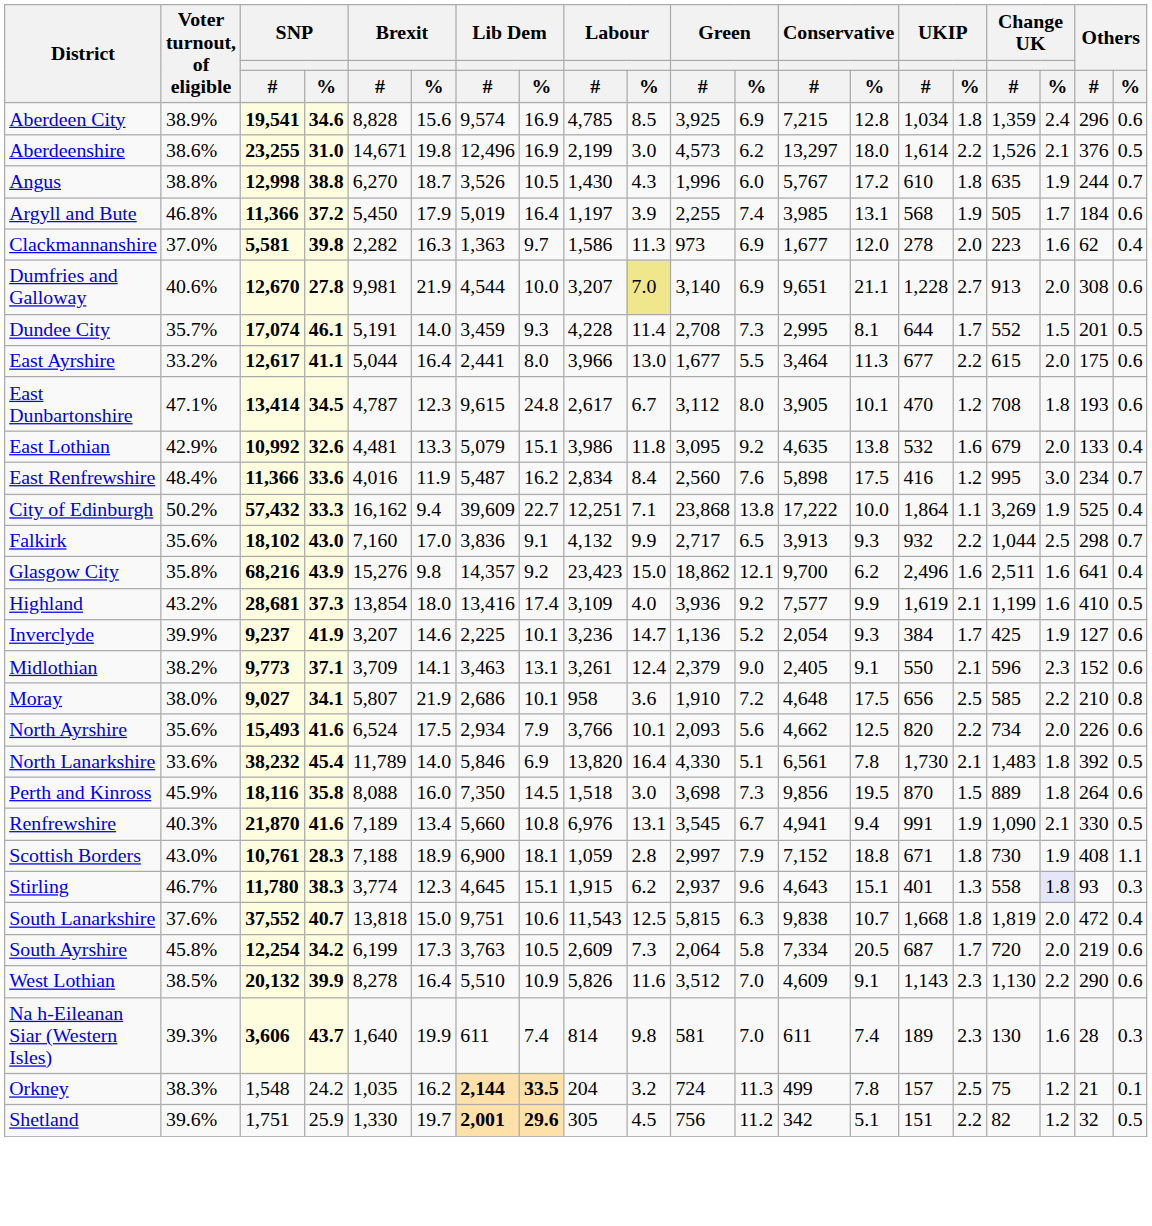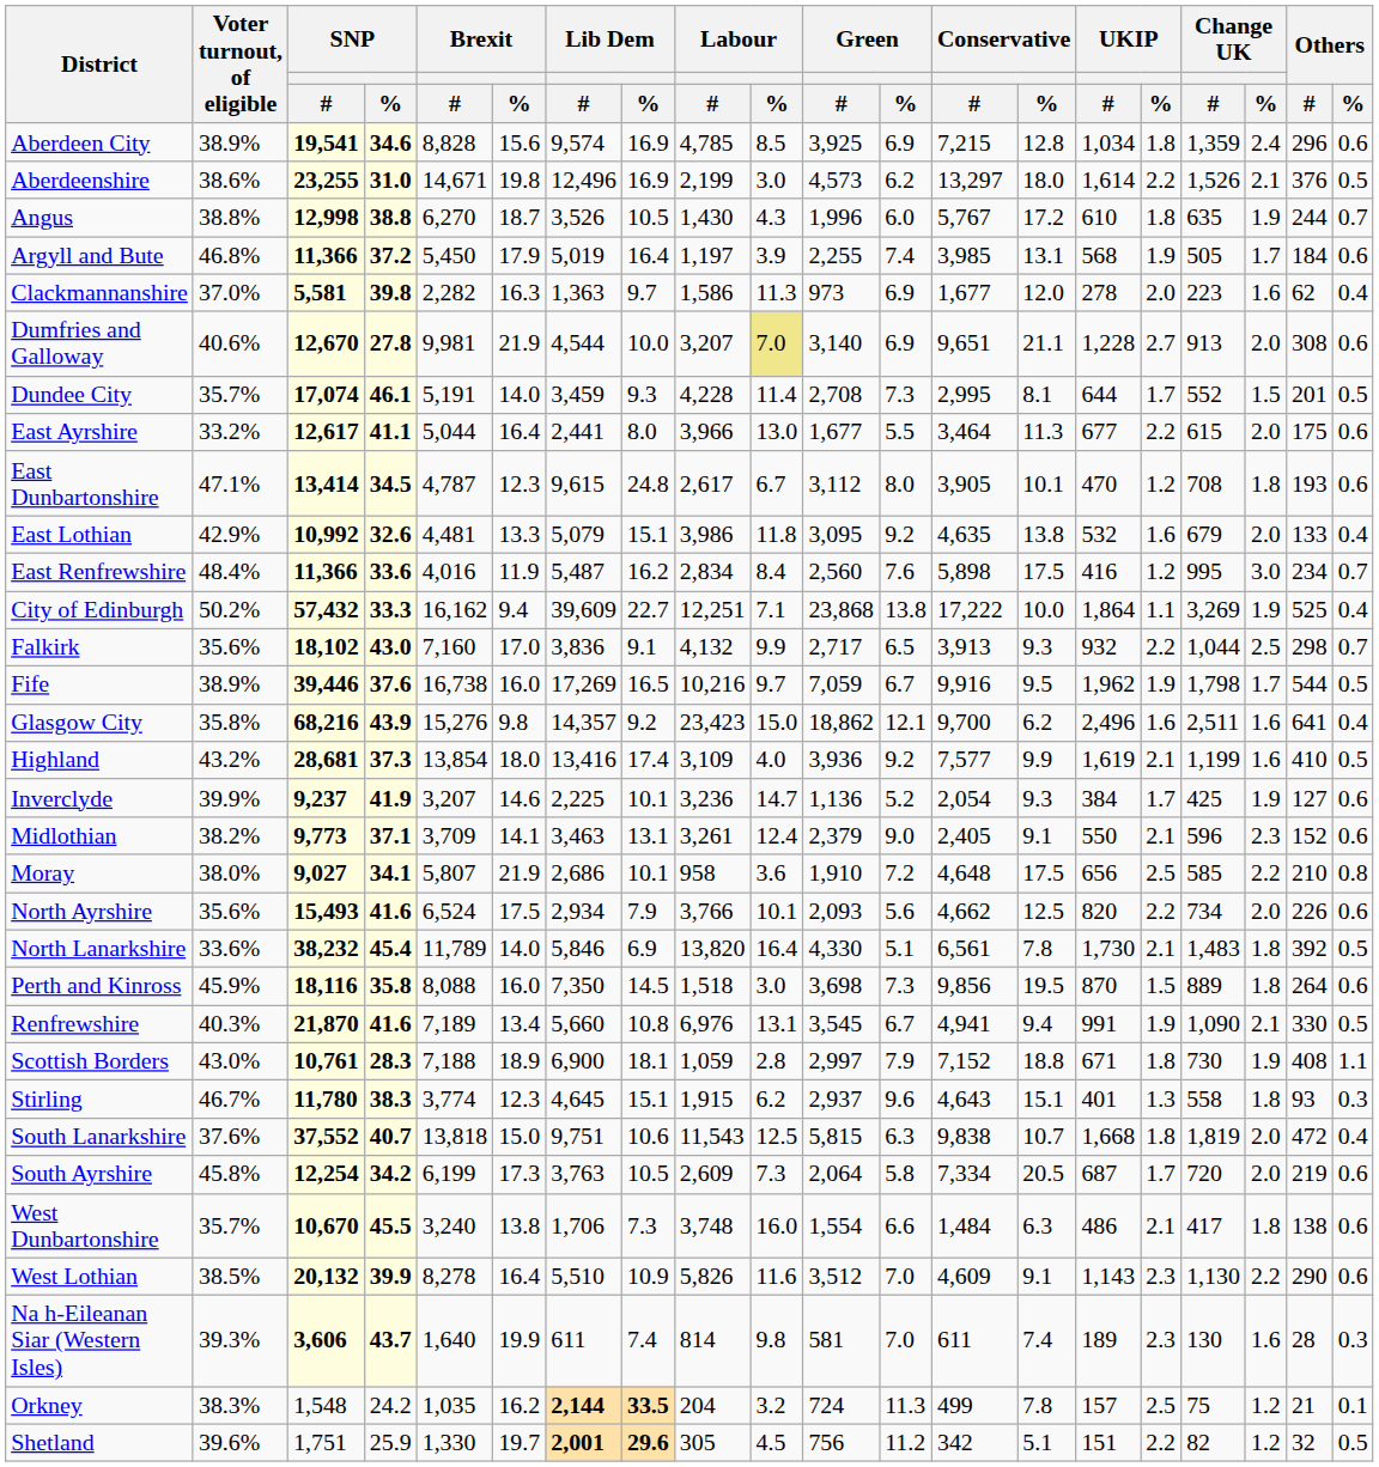 <table class="wikitable sortable">
 <tr>
 <th rowspan=3>District</th>
 <th rowspan=3>Voter turnout,<br>of eligible</th>
 <th colspan="2">SNP</th>
 <th colspan="2">Brexit</th>
 <th colspan="2">Lib Dem</th>
 <th colspan="2">Labour</th>
 <th colspan="2">Green</th>
 <th colspan="2">Conservative</th>
 <th colspan="2">UKIP</th>
 <th colspan="2">Change UK</th>
 <th colspan="2" rowspan="2">Others</th>
 </tr>
 <tr>
 <th colspan="2" style="background:"></th>
 <th colspan="2" style="background:"></th>
 <th colspan="2" style="background:"></th>
 <th colspan="2" style="background:"></th>
 <th colspan="2" style="background:"></th>
 <th colspan="2" style="background:"></th>
 <th colspan="2" style="background:"></th>
 <th colspan="2" style="background:"></th>
 </tr>
 <tr>
 <th>#</th>
 <th>%</th>
 <th>#</th>
 <th>%</th>
 <th>#</th>
 <th>%</th>
 <th>#</th>
 <th>%</th>
 <th>#</th>
 <th>%</th>
 <th>#</th>
 <th>%</th>
 <th>#</th>
 <th>%</th>
 <th>#</th>
 <th>%</th>
 <th>#</th>
 <th>%</th>
 </tr>
 <tr>
 <td><a href='#'>Aberdeen City</a></td>
 <td>38.9%</td>
 <td style="background:#FEFDDE;"><strong>19,541</strong></td>
 <td style="background:#FEFDDE;"><strong>34.6</strong></td>
 <td>8,828</td>
 <td>15.6</td>
 <td>9,574</td>
 <td>16.9</td>
 <td>4,785</td>
 <td>8.5</td>
 <td>3,925</td>
 <td>6.9</td>
 <td>7,215</td>
 <td>12.8</td>
 <td>1,034</td>
 <td>1.8</td>
 <td>1,359</td>
 <td>2.4</td>
 <td>296</td>
 <td>0.6</td>
 </tr>
 <tr>
 <td><a href='#'>Aberdeenshire</a></td>
 <td>38.6%</td>
 <td style="background:#FEFDDE;"><strong>23,255</strong></td>
 <td style="background:#FEFDDE;"><strong>31.0</strong></td>
 <td>14,671</td>
 <td>19.8</td>
 <td>12,496</td>
 <td>16.9</td>
 <td>2,199</td>
 <td>3.0</td>
 <td>4,573</td>
 <td>6.2</td>
 <td>13,297</td>
 <td>18.0</td>
 <td>1,614</td>
 <td>2.2</td>
 <td>1,526</td>
 <td>2.1</td>
 <td>376</td>
 <td>0.5</td>
 </tr>
 <tr>
 <td><a href='#'>Angus</a></td>
 <td>38.8%</td>
 <td style="background:#FEFDDE;"><strong>12,998</strong></td>
 <td style="background:#FEFDDE;"><strong>38.8</strong></td>
 <td>6,270</td>
 <td>18.7</td>
 <td>3,526</td>
 <td>10.5</td>
 <td>1,430</td>
 <td>4.3</td>
 <td>1,996</td>
 <td>6.0</td>
 <td>5,767</td>
 <td>17.2</td>
 <td>610</td>
 <td>1.8</td>
 <td>635</td>
 <td>1.9</td>
 <td>244</td>
 <td>0.7</td>
 </tr>
 <tr>
 <td><a href='#'>Argyll and Bute</a></td>
 <td>46.8%</td>
 <td style="background:#FEFDDE;"><strong>11,366</strong></td>
 <td style="background:#FEFDDE;"><strong>37.2</strong></td>
 <td>5,450</td>
 <td>17.9</td>
 <td>5,019</td>
 <td>16.4</td>
 <td>1,197</td>
 <td>3.9</td>
 <td>2,255</td>
 <td>7.4</td>
 <td>3,985</td>
 <td>13.1</td>
 <td>568</td>
 <td>1.9</td>
 <td>505</td>
 <td>1.7</td>
 <td>184</td>
 <td>0.6</td>
 </tr>
 <tr>
 <td><a href='#'>Clackmannanshire</a></td>
 <td>37.0%</td>
 <td style="background:#FEFDDE;"><strong>5,581</strong></td>
 <td style="background:#FEFDDE;"><strong>39.8</strong></td>
 <td>2,282</td>
 <td>16.3</td>
 <td>1,363</td>
 <td>9.7</td>
 <td>1,586</td>
 <td>11.3</td>
 <td>973</td>
 <td>6.9</td>
 <td>1,677</td>
 <td>12.0</td>
 <td>278</td>
 <td>2.0</td>
 <td>223</td>
 <td>1.6</td>
 <td>62</td>
 <td>0.4</td>
 </tr>
 <tr>
 <td><a href='#'>Dumfries and Galloway</a></td>
 <td>40.6%</td>
 <td style="background:#FEFDDE;"><strong>12,670</strong></td>
 <td style="background:#FEFDDE;"><strong>27.8</strong></td>
 <td>9,981</td>
 <td>21.9</td>
 <td>4,544</td>
 <td>10.0</td>
 <td>3,207</td>
 <td style="background: khaki;">7.0</td>
 <td>3,140</td>
 <td>6.9</td>
 <td>9,651</td>
 <td>21.1</td>
 <td>1,228</td>
 <td>2.7</td>
 <td>913</td>
 <td>2.0</td>
 <td>308</td>
 <td>0.6</td>
 </tr>
 <tr>
 <td><a href='#'>Dundee City</a></td>
 <td>35.7%</td>
 <td style="background:#FEFDDE;"><strong>17,074</strong></td>
 <td style="background:#FEFDDE;"><strong>46.1</strong></td>
 <td>5,191</td>
 <td>14.0</td>
 <td>3,459</td>
 <td>9.3</td>
 <td>4,228</td>
 <td>11.4</td>
 <td>2,708</td>
 <td>7.3</td>
 <td>2,995</td>
 <td>8.1</td>
 <td>644</td>
 <td>1.7</td>
 <td>552</td>
 <td>1.5</td>
 <td>201</td>
 <td>0.5</td>
 </tr>
 <tr>
 <td><a href='#'>East Ayrshire</a></td>
 <td>33.2%</td>
 <td style="background:#FEFDDE;"><strong>12,617</strong></td>
 <td style="background:#FEFDDE;"><strong>41.1</strong></td>
 <td>5,044</td>
 <td>16.4</td>
 <td>2,441</td>
 <td>8.0</td>
 <td>3,966</td>
 <td>13.0</td>
 <td>1,677</td>
 <td>5.5</td>
 <td>3,464</td>
 <td>11.3</td>
 <td>677</td>
 <td>2.2</td>
 <td>615</td>
 <td>2.0</td>
 <td>175</td>
 <td>0.6</td>
 </tr>
 <tr>
 <td><a href='#'>East Dunbartonshire</a></td>
 <td>47.1%</td>
 <td style="background:#FEFDDE;"><strong>13,414</strong></td>
 <td style="background:#FEFDDE;"><strong>34.5</strong></td>
 <td>4,787</td>
 <td>12.3</td>
 <td>9,615</td>
 <td>24.8</td>
 <td>2,617</td>
 <td>6.7</td>
 <td>3,112</td>
 <td>8.0</td>
 <td>3,905</td>
 <td>10.1</td>
 <td>470</td>
 <td>1.2</td>
 <td>708</td>
 <td>1.8</td>
 <td>193</td>
 <td>0.6</td>
 </tr>
 <tr>
 <td><a href='#'>East Lothian</a></td>
 <td>42.9%</td>
 <td style="background:#FEFDDE;"><strong>10,992</strong></td>
 <td style="background:#FEFDDE;"><strong>32.6</strong></td>
 <td>4,481</td>
 <td>13.3</td>
 <td>5,079</td>
 <td>15.1</td>
 <td>3,986</td>
 <td>11.8</td>
 <td>3,095</td>
 <td>9.2</td>
 <td>4,635</td>
 <td>13.8</td>
 <td>532</td>
 <td>1.6</td>
 <td>679</td>
 <td>2.0</td>
 <td>133</td>
 <td>0.4</td>
 </tr>
 <tr>
 <td><a href='#'>East Renfrewshire</a></td>
 <td>48.4%</td>
 <td style="background:#FEFDDE;"><strong>11,366</strong></td>
 <td style="background:#FEFDDE;"><strong>33.6</strong></td>
 <td>4,016</td>
 <td>11.9</td>
 <td>5,487</td>
 <td>16.2</td>
 <td>2,834</td>
 <td>8.4</td>
 <td>2,560</td>
 <td>7.6</td>
 <td>5,898</td>
 <td>17.5</td>
 <td>416</td>
 <td>1.2</td>
 <td>995</td>
 <td>3.0</td>
 <td>234</td>
 <td>0.7</td>
 </tr>
 <tr>
 <td><a href='#'>City of Edinburgh</a></td>
 <td>50.2%</td>
 <td style="background:#FEFDDE;"><strong>57,432</strong></td>
 <td style="background:#FEFDDE;"><strong>33.3</strong></td>
 <td>16,162</td>
 <td>9.4</td>
 <td>39,609</td>
 <td>22.7</td>
 <td>12,251</td>
 <td>7.1</td>
 <td>23,868</td>
 <td>13.8</td>
 <td>17,222</td>
 <td>10.0</td>
 <td>1,864</td>
 <td>1.1</td>
 <td>3,269</td>
 <td>1.9</td>
 <td>525</td>
 <td>0.4</td>
 </tr>
 <tr>
 <td><a href='#'>Falkirk</a></td>
 <td>35.6%</td>
 <td style="background:#FEFDDE;"><strong>18,102</strong></td>
 <td style="background:#FEFDDE;"><strong>43.0</strong></td>
 <td>7,160</td>
 <td>17.0</td>
 <td>3,836</td>
 <td>9.1</td>
 <td>4,132</td>
 <td>9.9</td>
 <td>2,717</td>
 <td>6.5</td>
 <td>3,913</td>
 <td>9.3</td>
 <td>932</td>
 <td>2.2</td>
 <td>1,044</td>
 <td>2.5</td>
 <td>298</td>
 <td>0.7</td>
 </tr>
 <tr>
+<td><a href='#'>Fife</a></td>
+<td>38.9%</td>
+<td style="background:#FEFDDE;"><strong>39,446</strong></td>
+<td style="background:#FEFDDE;"><strong>37.6</strong></td>
+<td>16,738</td>
+<td>16.0</td>
+<td>17,269</td>
+<td>16.5</td>
+<td>10,216</td>
+<td>9.7</td>
+<td>7,059</td>
+<td>6.7</td>
+<td>9,916</td>
+<td>9.5</td>
+<td>1,962</td>
+<td>1.9</td>
+<td>1,798</td>
+<td>1.7</td>
+<td>544</td>
+<td>0.5</td>
+</tr>
+<tr>
 <td><a href='#'>Glasgow City</a></td>
 <td>35.8%</td>
 <td style="background:#FEFDDE;"><strong>68,216</strong></td>
 <td style="background:#FEFDDE;"><strong>43.9</strong></td>
 <td>15,276</td>
 <td>9.8</td>
 <td>14,357</td>
 <td>9.2</td>
 <td>23,423</td>
 <td>15.0</td>
 <td>18,862</td>
 <td>12.1</td>
 <td>9,700</td>
 <td>6.2</td>
 <td>2,496</td>
 <td>1.6</td>
 <td>2,511</td>
 <td>1.6</td>
 <td>641</td>
 <td>0.4</td>
 </tr>
 <tr>
 <td><a href='#'>Highland</a></td>
 <td>43.2%</td>
 <td style="background:#FEFDDE;"><strong>28,681</strong></td>
 <td style="background:#FEFDDE;"><strong>37.3</strong></td>
 <td>13,854</td>
 <td>18.0</td>
 <td>13,416</td>
 <td>17.4</td>
 <td>3,109</td>
 <td>4.0</td>
 <td>3,936</td>
 <td>9.2</td>
 <td>7,577</td>
 <td>9.9</td>
 <td>1,619</td>
 <td>2.1</td>
 <td>1,199</td>
 <td>1.6</td>
 <td>410</td>
 <td>0.5</td>
 </tr>
 <tr>
 <td><a href='#'>Inverclyde</a></td>
 <td>39.9%</td>
 <td style="background:#FEFDDE;"><strong>9,237</strong></td>
 <td style="background:#FEFDDE;"><strong>41.9</strong></td>
 <td>3,207</td>
 <td>14.6</td>
 <td>2,225</td>
 <td>10.1</td>
 <td>3,236</td>
 <td>14.7</td>
 <td>1,136</td>
 <td>5.2</td>
 <td>2,054</td>
 <td>9.3</td>
 <td>384</td>
 <td>1.7</td>
 <td>425</td>
 <td>1.9</td>
 <td>127</td>
 <td>0.6</td>
 </tr>
 <tr>
 <td><a href='#'>Midlothian</a></td>
 <td>38.2%</td>
 <td style="background:#FEFDDE;"><strong>9,773</strong></td>
 <td style="background:#FEFDDE;"><strong>37.1</strong></td>
 <td>3,709</td>
 <td>14.1</td>
 <td>3,463</td>
 <td>13.1</td>
 <td>3,261</td>
 <td>12.4</td>
 <td>2,379</td>
 <td>9.0</td>
 <td>2,405</td>
 <td>9.1</td>
 <td>550</td>
 <td>2.1</td>
 <td>596</td>
 <td>2.3</td>
 <td>152</td>
 <td>0.6</td>
 </tr>
 <tr>
 <td><a href='#'>Moray</a></td>
 <td>38.0%</td>
 <td style="background:#FEFDDE;"><strong>9,027</strong></td>
 <td style="background:#FEFDDE;"><strong>34.1</strong></td>
 <td>5,807</td>
 <td>21.9</td>
 <td>2,686</td>
 <td>10.1</td>
 <td>958</td>
 <td>3.6</td>
 <td>1,910</td>
 <td>7.2</td>
 <td>4,648</td>
 <td>17.5</td>
 <td>656</td>
 <td>2.5</td>
 <td>585</td>
 <td>2.2</td>
 <td>210</td>
 <td>0.8</td>
 </tr>
 <tr>
 <td><a href='#'>North Ayrshire</a></td>
 <td>35.6%</td>
 <td style="background:#FEFDDE;"><strong>15,493</strong></td>
 <td style="background:#FEFDDE;"><strong>41.6</strong></td>
 <td>6,524</td>
 <td>17.5</td>
 <td>2,934</td>
 <td>7.9</td>
 <td>3,766</td>
 <td>10.1</td>
 <td>2,093</td>
 <td>5.6</td>
 <td>4,662</td>
 <td>12.5</td>
 <td>820</td>
 <td>2.2</td>
 <td>734</td>
 <td>2.0</td>
 <td>226</td>
 <td>0.6</td>
 </tr>
 <tr>
 <td><a href='#'>North Lanarkshire</a></td>
 <td>33.6%</td>
 <td style="background:#FEFDDE;"><strong>38,232</strong></td>
 <td style="background:#FEFDDE;"><strong>45.4</strong></td>
 <td>11,789</td>
 <td>14.0</td>
 <td>5,846</td>
 <td>6.9</td>
 <td>13,820</td>
 <td>16.4</td>
 <td>4,330</td>
 <td>5.1</td>
 <td>6,561</td>
 <td>7.8</td>
 <td>1,730</td>
 <td>2.1</td>
 <td>1,483</td>
 <td>1.8</td>
 <td>392</td>
 <td>0.5</td>
 </tr>
 <tr>
 <td><a href='#'>Perth and Kinross</a></td>
 <td>45.9%</td>
 <td style="background:#FEFDDE;"><strong>18,116</strong></td>
 <td style="background:#FEFDDE;"><strong>35.8</strong></td>
 <td>8,088</td>
 <td>16.0</td>
 <td>7,350</td>
 <td>14.5</td>
 <td>1,518</td>
 <td>3.0</td>
 <td>3,698</td>
 <td>7.3</td>
 <td>9,856</td>
 <td>19.5</td>
 <td>870</td>
 <td>1.5</td>
 <td>889</td>
 <td>1.8</td>
 <td>264</td>
 <td>0.6</td>
 </tr>
 <tr>
 <td><a href='#'>Renfrewshire</a></td>
 <td>40.3%</td>
 <td style="background:#FEFDDE;"><strong>21,870</strong></td>
 <td style="background:#FEFDDE;"><strong>41.6</strong></td>
 <td>7,189</td>
 <td>13.4</td>
 <td>5,660</td>
 <td>10.8</td>
 <td>6,976</td>
 <td>13.1</td>
 <td>3,545</td>
 <td>6.7</td>
 <td>4,941</td>
 <td>9.4</td>
 <td>991</td>
 <td>1.9</td>
 <td>1,090</td>
 <td>2.1</td>
 <td>330</td>
 <td>0.5</td>
 </tr>
 <tr>
 <td><a href='#'>Scottish Borders</a></td>
 <td>43.0%</td>
 <td style="background:#FEFDDE;"><strong>10,761</strong></td>
 <td style="background:#FEFDDE;"><strong>28.3</strong></td>
 <td>7,188</td>
 <td>18.9</td>
 <td>6,900</td>
 <td>18.1</td>
 <td>1,059</td>
 <td>2.8</td>
 <td>2,997</td>
 <td>7.9</td>
 <td>7,152</td>
 <td>18.8</td>
 <td>671</td>
 <td>1.8</td>
 <td>730</td>
 <td>1.9</td>
 <td>408</td>
 <td>1.1</td>
 </tr>
 <tr>
 <td><a href='#'>Stirling</a></td>
 <td>46.7%</td>
 <td style="background:#FEFDDE;"><strong>11,780</strong></td>
 <td style="background:#FEFDDE;"><strong>38.3</strong></td>
 <td>3,774</td>
 <td>12.3</td>
 <td>4,645</td>
 <td>15.1</td>
 <td>1,915</td>
 <td>6.2</td>
 <td>2,937</td>
 <td>9.6</td>
 <td>4,643</td>
 <td>15.1</td>
 <td>401</td>
 <td>1.3</td>
 <td>558</td>
-<td style="background: lavender;">1.8</td>
+<td>1.8</td>
 <td>93</td>
 <td>0.3</td>
 </tr>
 <tr>
 <td><a href='#'>South Lanarkshire</a></td>
 <td>37.6%</td>
 <td style="background:#FEFDDE;"><strong>37,552</strong></td>
 <td style="background:#FEFDDE;"><strong>40.7</strong></td>
 <td>13,818</td>
 <td>15.0</td>
 <td>9,751</td>
 <td>10.6</td>
 <td>11,543</td>
 <td>12.5</td>
 <td>5,815</td>
 <td>6.3</td>
 <td>9,838</td>
 <td>10.7</td>
 <td>1,668</td>
 <td>1.8</td>
 <td>1,819</td>
 <td>2.0</td>
 <td>472</td>
 <td>0.4</td>
 </tr>
 <tr>
 <td><a href='#'>South Ayrshire</a></td>
 <td>45.8%</td>
 <td style="background:#FEFDDE;"><strong>12,254</strong></td>
 <td style="background:#FEFDDE;"><strong>34.2</strong></td>
 <td>6,199</td>
 <td>17.3</td>
 <td>3,763</td>
 <td>10.5</td>
 <td>2,609</td>
 <td>7.3</td>
 <td>2,064</td>
 <td>5.8</td>
 <td>7,334</td>
 <td>20.5</td>
 <td>687</td>
 <td>1.7</td>
 <td>720</td>
 <td>2.0</td>
 <td>219</td>
+<td>0.6</td>
+</tr>
+<tr>
+<td><a href='#'>West Dunbartonshire</a></td>
+<td>35.7%</td>
+<td style="background:#FEFDDE;"><strong>10,670</strong></td>
+<td style="background:#FEFDDE;"><strong>45.5</strong></td>
+<td>3,240</td>
+<td>13.8</td>
+<td>1,706</td>
+<td>7.3</td>
+<td>3,748</td>
+<td>16.0</td>
+<td>1,554</td>
+<td>6.6</td>
+<td>1,484</td>
+<td>6.3</td>
+<td>486</td>
+<td>2.1</td>
+<td>417</td>
+<td>1.8</td>
+<td>138</td>
 <td>0.6</td>
 </tr>
 <tr>
 <td><a href='#'>West Lothian</a></td>
 <td>38.5%</td>
 <td style="background:#FEFDDE;"><strong>20,132</strong></td>
 <td style="background:#FEFDDE;"><strong>39.9</strong></td>
 <td>8,278</td>
 <td>16.4</td>
 <td>5,510</td>
 <td>10.9</td>
 <td>5,826</td>
 <td>11.6</td>
 <td>3,512</td>
 <td>7.0</td>
 <td>4,609</td>
 <td>9.1</td>
 <td>1,143</td>
 <td>2.3</td>
 <td>1,130</td>
 <td>2.2</td>
 <td>290</td>
 <td>0.6</td>
 </tr>
 <tr>
 <td><a href='#'>Na h-Eileanan Siar (Western Isles)</a></td>
 <td>39.3%</td>
 <td style="background:#FEFDDE;"><strong>3,606</strong></td>
 <td style="background:#FEFDDE;"><strong>43.7</strong></td>
 <td>1,640</td>
 <td>19.9</td>
 <td>611</td>
 <td>7.4</td>
 <td>814</td>
 <td>9.8</td>
 <td>581</td>
 <td>7.0</td>
 <td>611</td>
 <td>7.4</td>
 <td>189</td>
 <td>2.3</td>
 <td>130</td>
 <td>1.6</td>
 <td>28</td>
 <td>0.3</td>
 </tr>
 <tr>
 <td><a href='#'>Orkney</a></td>
 <td>38.3%</td>
 <td>1,548</td>
 <td>24.2</td>
 <td>1,035</td>
 <td>16.2</td>
 <td style="background:#FEE1A8"><strong>2,144</strong></td>
 <td style="background:#FEE1A8"><strong>33.5</strong></td>
 <td>204</td>
 <td>3.2</td>
 <td>724</td>
 <td>11.3</td>
 <td>499</td>
 <td>7.8</td>
 <td>157</td>
 <td>2.5</td>
 <td>75</td>
 <td>1.2</td>
 <td>21</td>
 <td>0.1</td>
 </tr>
 <tr>
 <td><a href='#'>Shetland</a></td>
 <td>39.6%</td>
 <td>1,751</td>
 <td>25.9</td>
 <td>1,330</td>
 <td>19.7</td>
 <td style="background:#FEE1A8"><strong>2,001</strong></td>
 <td style="background:#FEE1A8"><strong>29.6</strong></td>
 <td>305</td>
 <td>4.5</td>
 <td>756</td>
 <td>11.2</td>
 <td>342</td>
 <td>5.1</td>
 <td>151</td>
 <td>2.2</td>
 <td>82</td>
 <td>1.2</td>
 <td>32</td>
 <td>0.5</td>
 </tr>
 </table>
